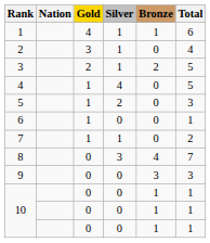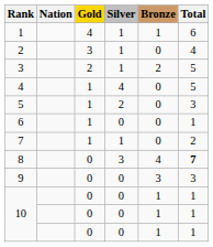 <table class="wikitable sortable" style="text-align:center">
 <tr>
 <th class="unsortable">Rank</th>
 <th>Nation</th>
 <th style="background-color:gold">Gold</th>
 <th style="background-color:silver">Silver</th>
 <th style="background-color:#cc9966">Bronze</th>
 <th>Total</th>
 </tr>
 <tr>
 <td>1</td>
 <td align="left"></td>
 <td>4</td>
 <td>1</td>
 <td>1</td>
 <td>6</td>
 </tr>
 <tr>
 <td>2</td>
 <td align="left"></td>
 <td>3</td>
 <td>1</td>
 <td>0</td>
 <td>4</td>
 </tr>
 <tr>
 <td>3</td>
 <td align="left"></td>
 <td>2</td>
 <td>1</td>
 <td>2</td>
 <td>5</td>
 </tr>
 <tr>
 <td>4</td>
 <td align="left"></td>
 <td>1</td>
 <td>4</td>
 <td>0</td>
 <td>5</td>
 </tr>
 <tr>
 <td>5</td>
 <td align="left"></td>
 <td>1</td>
 <td>2</td>
 <td>0</td>
 <td>3</td>
 </tr>
 <tr>
 <td>6</td>
 <td align="left"></td>
 <td>1</td>
 <td>0</td>
 <td>0</td>
 <td>1</td>
 </tr>
 <tr>
 <td>7</td>
 <td align="left"></td>
 <td>1</td>
 <td>1</td>
 <td>0</td>
 <td>2</td>
 </tr>
 <tr>
 <td>8</td>
 <td align="left"></td>
 <td>0</td>
 <td>3</td>
 <td>4</td>
-<td>7</td>
+<td><strong>7</strong></td>
 </tr>
 <tr>
 <td>9</td>
 <td align="left"></td>
 <td>0</td>
 <td>0</td>
 <td>3</td>
 <td>3</td>
 </tr>
 <tr>
 <td rowspan="3">10</td>
 <td align="left"></td>
 <td>0</td>
 <td>0</td>
 <td>1</td>
 <td>1</td>
 </tr>
 <tr>
 <td align="left"></td>
 <td>0</td>
 <td>0</td>
 <td>1</td>
 <td>1</td>
 </tr>
 <tr>
 <td align="left"></td>
 <td>0</td>
 <td>0</td>
 <td>1</td>
 <td>1</td>
 </tr>
 </table>
